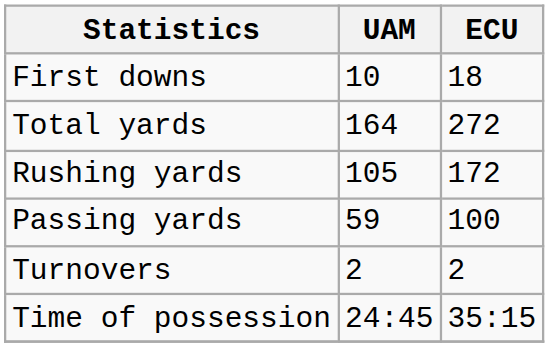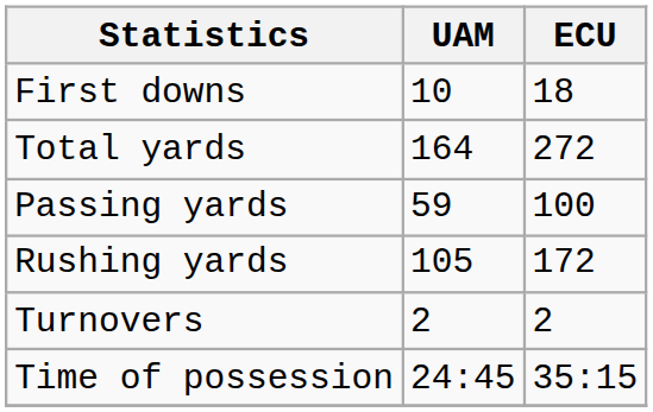 <table class="wikitable" style="float: left;">
 <tr>
 <th>Statistics</th>
 <th>UAM</th>
 <th>ECU</th>
 </tr>
 <tr>
 <td>First downs</td>
 <td>10</td>
 <td>18</td>
 </tr>
 <tr>
 <td>Total yards</td>
 <td>164</td>
 <td>272</td>
 </tr>
 <tr>
+<td>Passing yards</td>
+<td>59</td>
+<td>100</td>
+</tr>
+<tr>
 <td>Rushing yards</td>
 <td>105</td>
 <td>172</td>
-</tr>
-<tr>
-<td>Passing yards</td>
-<td>59</td>
-<td>100</td>
 </tr>
 <tr>
 <td>Turnovers</td>
 <td>2</td>
 <td>2</td>
 </tr>
 <tr>
 <td>Time of possession</td>
 <td>24:45</td>
 <td>35:15</td>
 </tr>
 <tr>
 </tr>
 </table>
